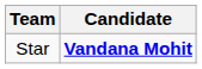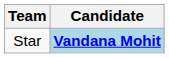 <table class="wikitable" style="text-align:center">
 <tr>
 <th>Team</th>
 <th>Candidate</th>
 </tr>
 <tr>
 <td>Star</td>
-<td><strong><a href='#'>Vandana Mohit</a></strong></td>
+<td style="background: lightblue;"><strong><a href='#'>Vandana Mohit</a></strong></td>
 </tr>
 </table>
